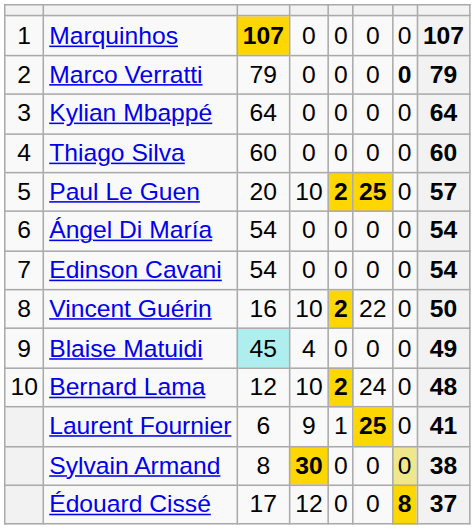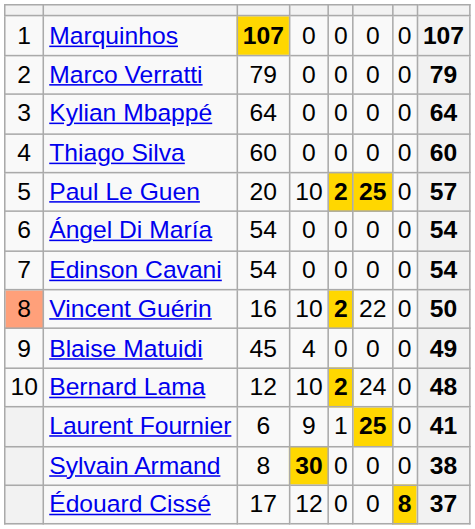 <table class="wikitable plainrowheaders sortable" style="text-align:center">
 <tr>
 <th></th>
 <th></th>
 <th></th>
 <th></th>
 <th></th>
 <th></th>
 <th></th>
 <th></th>
 </tr>
 <tr>
 <td>1</td>
 <td align="left"> <a href='#'>Marquinhos</a></td>
 <td style=background:gold><strong>107</strong></td>
 <td>0</td>
 <td>0</td>
 <td>0</td>
 <td>0</td>
 <th>107</th>
 </tr>
 <tr>
 <td>2</td>
 <td align="left"> <a href='#'>Marco Verratti</a></td>
 <td>79</td>
 <td>0</td>
 <td>0</td>
 <td>0</td>
-<td><strong>0</strong></td>
+<td>0</td>
 <th>79</th>
 </tr>
 <tr>
 <td>3</td>
 <td align="left"> <a href='#'>Kylian Mbappé</a></td>
 <td>64</td>
 <td>0</td>
 <td>0</td>
 <td>0</td>
 <td>0</td>
 <th>64</th>
 </tr>
 <tr>
 <td>4</td>
 <td align="left"> <a href='#'>Thiago Silva</a></td>
 <td>60</td>
 <td>0</td>
 <td>0</td>
 <td>0</td>
 <td>0</td>
 <th>60</th>
 </tr>
 <tr>
 <td>5</td>
 <td align="left"> <a href='#'>Paul Le Guen</a></td>
 <td>20</td>
 <td>10</td>
 <td style=background:gold><strong>2</strong></td>
 <td style=background:gold><strong>25</strong></td>
 <td>0</td>
 <th>57</th>
 </tr>
 <tr>
 <td>6</td>
 <td align="left"> <a href='#'>Ángel Di María</a></td>
 <td>54</td>
 <td>0</td>
 <td>0</td>
 <td>0</td>
 <td>0</td>
 <th>54</th>
 </tr>
 <tr>
 <td>7</td>
 <td align="left"> <a href='#'>Edinson Cavani</a></td>
 <td>54</td>
 <td>0</td>
 <td>0</td>
 <td>0</td>
 <td>0</td>
 <th>54</th>
 </tr>
 <tr>
-<td>8</td>
+<td style="background: lightsalmon;">8</td>
 <td align="left"> <a href='#'>Vincent Guérin</a></td>
 <td>16</td>
 <td>10</td>
 <td style=background:gold><strong>2</strong></td>
 <td>22</td>
 <td>0</td>
 <th>50</th>
 </tr>
 <tr>
 <td>9</td>
 <td align="left"> <a href='#'>Blaise Matuidi</a></td>
-<td style="background: paleturquoise;">45</td>
+<td>45</td>
 <td>4</td>
 <td>0</td>
 <td>0</td>
 <td>0</td>
 <th>49</th>
 </tr>
 <tr>
 <td>10</td>
 <td align="left"> <a href='#'>Bernard Lama</a></td>
 <td>12</td>
 <td>10</td>
 <td style=background:gold><strong>2</strong></td>
 <td>24</td>
 <td>0</td>
 <th>48</th>
 </tr>
 <tr>
 <th></th>
 <td align="left"> <a href='#'>Laurent Fournier</a></td>
 <td>6</td>
 <td>9</td>
 <td>1</td>
 <td style=background:gold><strong>25</strong></td>
 <td>0</td>
 <th>41</th>
 </tr>
 <tr>
 <th></th>
 <td align="left"> <a href='#'>Sylvain Armand</a></td>
 <td>8</td>
 <td style=background:gold><strong>30</strong></td>
 <td>0</td>
 <td>0</td>
-<td style="background: khaki;">0</td>
+<td>0</td>
 <th>38</th>
 </tr>
 <tr>
 <th></th>
 <td align="left"> <a href='#'>Édouard Cissé</a></td>
 <td>17</td>
 <td>12</td>
 <td>0</td>
 <td>0</td>
 <td style=background:gold><strong>8</strong></td>
 <th>37</th>
 </tr>
 </table>
